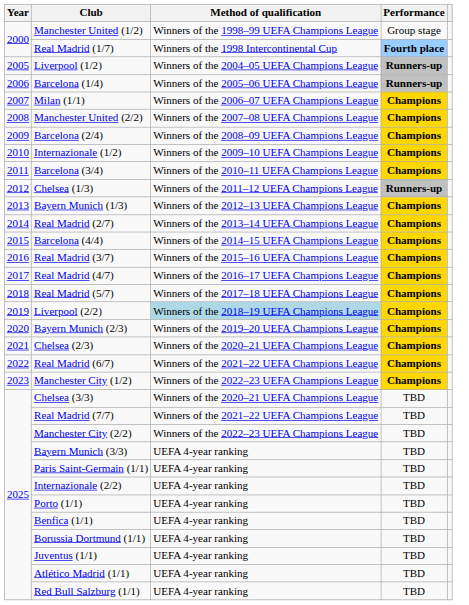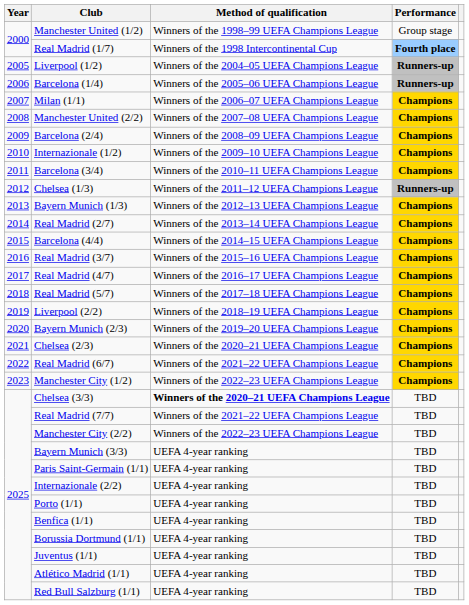 <table class="wikitable plainrowheaders sortable">
 <tr>
 <th scope="col">Year</th>
 <th scope="col">Club</th>
 <th scope="col">Method of qualification</th>
 <th scope="col">Performance</th>
 <th class="unsortable"></th>
 </tr>
 <tr align="center">
 <td scope="row" rowspan=2><a href='#'>2000</a></td>
 <td align="left"> <a href='#'>Manchester United</a> (1/2)</td>
 <td align="left">Winners of the <a href='#'>1998–99 UEFA Champions League</a></td>
 <td>Group stage</td>
 <td></td>
 </tr>
 <tr align="center">
 <td align="left"> <a href='#'>Real Madrid</a> (1/7)</td>
 <td align="left">Winners of the <a href='#'>1998 Intercontinental Cup</a></td>
 <td bgcolor=9acdff><strong>Fourth place</strong></td>
 <td></td>
 </tr>
 <tr align="center">
 <td scope="row"><a href='#'>2005</a></td>
 <td align="left"> <a href='#'>Liverpool</a> (1/2)</td>
 <td align="left">Winners of the <a href='#'>2004–05 UEFA Champions League</a></td>
 <td bgcolor=Silver><strong>Runners-up</strong></td>
 <td></td>
 </tr>
 <tr align="center">
 <td scope="row"><a href='#'>2006</a></td>
 <td align="left"> <a href='#'>Barcelona</a> (1/4)</td>
 <td align="left">Winners of the <a href='#'>2005–06 UEFA Champions League</a></td>
 <td bgcolor=Silver><strong>Runners-up</strong></td>
 <td></td>
 </tr>
 <tr align="center">
 <td scope="row"><a href='#'>2007</a></td>
 <td align="left"> <a href='#'>Milan</a> (1/1)</td>
 <td align="left">Winners of the <a href='#'>2006–07 UEFA Champions League</a></td>
 <td bgcolor=Gold><strong>Champions</strong></td>
 <td></td>
 </tr>
 <tr align="center">
 <td scope="row"><a href='#'>2008</a></td>
 <td align="left"> <a href='#'>Manchester United</a> (2/2)</td>
 <td align="left">Winners of the <a href='#'>2007–08 UEFA Champions League</a></td>
 <td bgcolor=Gold><strong>Champions</strong></td>
 <td></td>
 </tr>
 <tr align="center">
 <td scope="row"><a href='#'>2009</a></td>
 <td align="left"> <a href='#'>Barcelona</a> (2/4)</td>
 <td align="left">Winners of the <a href='#'>2008–09 UEFA Champions League</a></td>
 <td bgcolor=Gold><strong>Champions</strong></td>
 <td></td>
 </tr>
 <tr align="center">
 <td scope="row"><a href='#'>2010</a></td>
 <td align="left"> <a href='#'>Internazionale</a> (1/2)</td>
 <td align="left">Winners of the <a href='#'>2009–10 UEFA Champions League</a></td>
 <td bgcolor=Gold><strong>Champions</strong></td>
 <td></td>
 </tr>
 <tr align="center">
 <td scope="row"><a href='#'>2011</a></td>
 <td align="left"> <a href='#'>Barcelona</a> (3/4)</td>
 <td align="left">Winners of the <a href='#'>2010–11 UEFA Champions League</a></td>
 <td bgcolor=Gold><strong>Champions</strong></td>
 <td></td>
 </tr>
 <tr align="center">
 <td scope="row"><a href='#'>2012</a></td>
 <td align="left"> <a href='#'>Chelsea</a> (1/3)</td>
 <td align="left">Winners of the <a href='#'>2011–12 UEFA Champions League</a></td>
 <td bgcolor=Silver><strong>Runners-up</strong></td>
 <td></td>
 </tr>
 <tr align="center">
 <td scope="row"><a href='#'>2013</a></td>
 <td align="left"> <a href='#'>Bayern Munich</a> (1/3)</td>
 <td align="left">Winners of the <a href='#'>2012–13 UEFA Champions League</a></td>
 <td bgcolor=Gold><strong>Champions</strong></td>
 <td></td>
 </tr>
 <tr align="center">
 <td scope="row"><a href='#'>2014</a></td>
 <td align="left"> <a href='#'>Real Madrid</a> (2/7)</td>
 <td align="left">Winners of the <a href='#'>2013–14 UEFA Champions League</a></td>
 <td bgcolor=Gold><strong>Champions</strong></td>
 <td></td>
 </tr>
 <tr align="center">
 <td scope="row"><a href='#'>2015</a></td>
 <td align="left"> <a href='#'>Barcelona</a> (4/4)</td>
 <td align="left">Winners of the <a href='#'>2014–15 UEFA Champions League</a></td>
 <td bgcolor=Gold><strong>Champions</strong></td>
 <td></td>
 </tr>
 <tr align="center">
 <td scope="row"><a href='#'>2016</a></td>
 <td align="left"> <a href='#'>Real Madrid</a> (3/7)</td>
 <td align="left">Winners of the <a href='#'>2015–16 UEFA Champions League</a></td>
 <td bgcolor=Gold><strong>Champions</strong></td>
 <td></td>
 </tr>
 <tr align="center">
 <td scope="row"><a href='#'>2017</a></td>
 <td align="left"> <a href='#'>Real Madrid</a> (4/7)</td>
 <td align="left">Winners of the <a href='#'>2016–17 UEFA Champions League</a></td>
 <td bgcolor=Gold><strong>Champions</strong></td>
 <td></td>
 </tr>
 <tr align="center">
 <td scope="row"><a href='#'>2018</a></td>
 <td align="left"> <a href='#'>Real Madrid</a> (5/7)</td>
 <td align="left">Winners of the <a href='#'>2017–18 UEFA Champions League</a></td>
 <td bgcolor=Gold><strong>Champions</strong></td>
 <td></td>
 </tr>
 <tr align="center">
 <td scope="row"><a href='#'>2019</a></td>
 <td align="left"> <a href='#'>Liverpool</a> (2/2)</td>
-<td align="left" style="background: lightblue;">Winners of the <a href='#'>2018–19 UEFA Champions League</a></td>
+<td align="left">Winners of the <a href='#'>2018–19 UEFA Champions League</a></td>
 <td bgcolor=Gold><strong>Champions</strong></td>
 <td></td>
 </tr>
 <tr align="center">
 <td scope="row"><a href='#'>2020</a></td>
 <td align="left"> <a href='#'>Bayern Munich</a> (2/3)</td>
 <td align="left">Winners of the <a href='#'>2019–20 UEFA Champions League</a></td>
 <td bgcolor=Gold><strong>Champions</strong></td>
 <td></td>
 </tr>
 <tr align="center">
 <td scope="row"><a href='#'>2021</a></td>
 <td align="left"> <a href='#'>Chelsea</a> (2/3)</td>
 <td align="left">Winners of the <a href='#'>2020–21 UEFA Champions League</a></td>
 <td bgcolor=Gold><strong>Champions</strong></td>
 <td></td>
 </tr>
 <tr align="center">
 <td scope="row"><a href='#'>2022</a></td>
 <td align="left"> <a href='#'>Real Madrid</a> (6/7)</td>
 <td align="left">Winners of the <a href='#'>2021–22 UEFA Champions League</a></td>
 <td bgcolor=Gold><strong>Champions</strong></td>
 <td></td>
 </tr>
 <tr align="center">
 <td scope="row"><a href='#'>2023</a></td>
 <td align="left"> <a href='#'>Manchester City</a> (1/2)</td>
 <td align="left">Winners of the <a href='#'>2022–23 UEFA Champions League</a></td>
 <td bgcolor=Gold><strong>Champions</strong></td>
 <td></td>
 </tr>
 <tr align="center">
 <td scope="row" rowspan=12><a href='#'>2025</a></td>
 <td align="left"> <a href='#'>Chelsea</a> (3/3)</td>
-<td align="left">Winners of the <a href='#'>2020–21 UEFA Champions League</a></td>
+<td align="left"><strong>Winners of the <a href='#'>2020–21 UEFA Champions League</a></strong></td>
 <td>TBD</td>
 <td></td>
 </tr>
 <tr align="center">
 <td align="left"> <a href='#'>Real Madrid</a> (7/7)</td>
 <td align="left">Winners of the <a href='#'>2021–22 UEFA Champions League</a></td>
 <td>TBD</td>
 <td></td>
 </tr>
 <tr align="center">
 <td align="left"> <a href='#'>Manchester City</a> (2/2)</td>
 <td align="left">Winners of the <a href='#'>2022–23 UEFA Champions League</a></td>
 <td>TBD</td>
 <td></td>
 </tr>
 <tr align="center">
 <td align="left"> <a href='#'>Bayern Munich</a> (3/3)</td>
 <td align="left">UEFA 4-year ranking</td>
 <td>TBD</td>
 <td></td>
 </tr>
 <tr align="center">
 <td align="left"> <a href='#'>Paris Saint-Germain</a> (1/1)</td>
 <td align="left">UEFA 4-year ranking</td>
 <td>TBD</td>
 <td></td>
 </tr>
 <tr align="center">
 <td align="left"> <a href='#'>Internazionale</a> (2/2)</td>
 <td align="left">UEFA 4-year ranking</td>
 <td>TBD</td>
 <td></td>
 </tr>
 <tr align="center">
 <td align="left"> <a href='#'>Porto</a> (1/1)</td>
 <td align="left">UEFA 4-year ranking</td>
 <td>TBD</td>
 <td></td>
 </tr>
 <tr align="center">
 <td align="left"> <a href='#'>Benfica</a> (1/1)</td>
 <td align="left">UEFA 4-year ranking</td>
 <td>TBD</td>
 <td></td>
 </tr>
 <tr align="center">
 <td align="left"> <a href='#'>Borussia Dortmund</a> (1/1)</td>
 <td align="left">UEFA 4-year ranking</td>
 <td>TBD</td>
 <td></td>
 </tr>
 <tr align="center">
 <td align="left"> <a href='#'>Juventus</a> (1/1)</td>
 <td align="left">UEFA 4-year ranking</td>
 <td>TBD</td>
 <td></td>
 </tr>
 <tr align="center">
 <td align="left"> <a href='#'>Atlético Madrid</a> (1/1)</td>
 <td align="left">UEFA 4-year ranking</td>
 <td>TBD</td>
 <td></td>
 </tr>
 <tr align="center">
 <td align="left"> <a href='#'>Red Bull Salzburg</a> (1/1)</td>
 <td align="left">UEFA 4-year ranking</td>
 <td>TBD</td>
 <td></td>
 </tr>
 </table>
